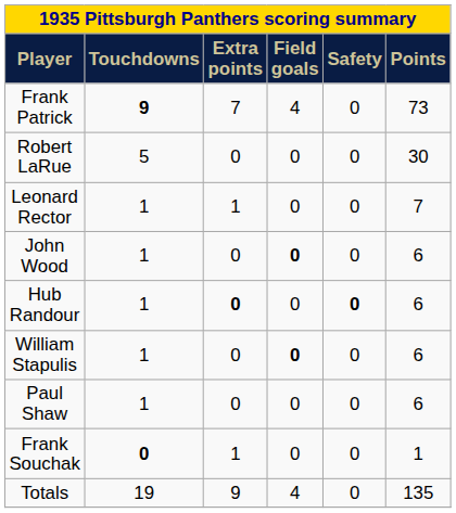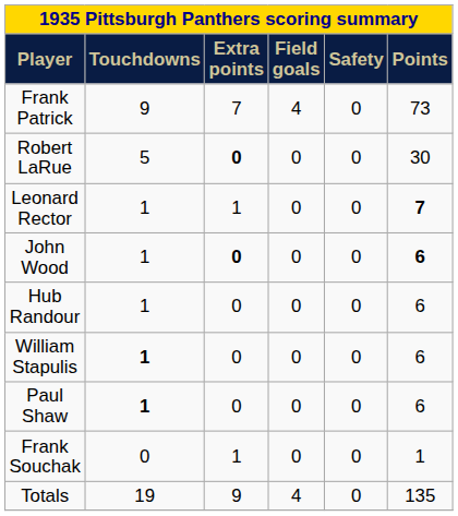 <table class="wikitable" width="35%">
 <tr>
 <th colspan="10" style="background:gold; color:darkblue; text-align: center;"><strong>1935 Pittsburgh Panthers scoring summary</strong></th>
 </tr>
 <tr align="center"  style="background:#091C44;color:#CEC499;">
 <td><strong>Player</strong></td>
 <td><strong>Touchdowns</strong></td>
 <td><strong>Extra points</strong></td>
 <td><strong>Field goals</strong></td>
 <td><strong>Safety</strong></td>
 <td><strong>Points</strong></td>
 </tr>
 <tr align="center" bgcolor="">
 <td>Frank Patrick</td>
-<td><strong>9</strong></td>
+<td>9</td>
 <td>7</td>
 <td>4</td>
 <td>0</td>
 <td>73</td>
 </tr>
 <tr align="center" bgcolor="">
 <td>Robert LaRue</td>
 <td>5</td>
-<td>0</td>
+<td><strong>0</strong></td>
 <td>0</td>
 <td>0</td>
 <td>30</td>
 </tr>
 <tr align="center" bgcolor="">
 <td>Leonard Rector</td>
 <td>1</td>
 <td>1</td>
 <td>0</td>
 <td>0</td>
-<td>7</td>
+<td><strong>7</strong></td>
 </tr>
 <tr align="center" bgcolor="">
 <td>John Wood</td>
 <td>1</td>
-<td>0</td>
 <td><strong>0</strong></td>
 <td>0</td>
-<td>6</td>
+<td>0</td>
+<td><strong>6</strong></td>
 </tr>
 <tr align="center" bgcolor="">
 <td>Hub Randour</td>
-<td>1</td>
-<td><strong>0</strong></td>
-<td>0</td>
-<td><strong>0</strong></td>
-<td>6</td>
-</tr>
-<tr align="center" bgcolor="">
-<td>William Stapulis</td>
-<td>1</td>
-<td>0</td>
-<td><strong>0</strong></td>
-<td>0</td>
-<td>6</td>
-</tr>
-<tr align="center" bgcolor="">
-<td>Paul Shaw</td>
 <td>1</td>
 <td>0</td>
 <td>0</td>
 <td>0</td>
 <td>6</td>
 </tr>
 <tr align="center" bgcolor="">
+<td>William Stapulis</td>
+<td><strong>1</strong></td>
+<td>0</td>
+<td>0</td>
+<td>0</td>
+<td>6</td>
+</tr>
+<tr align="center" bgcolor="">
+<td>Paul Shaw</td>
+<td><strong>1</strong></td>
+<td>0</td>
+<td>0</td>
+<td>0</td>
+<td>6</td>
+</tr>
+<tr align="center" bgcolor="">
 <td>Frank Souchak</td>
-<td><strong>0</strong></td>
+<td>0</td>
 <td>1</td>
 <td>0</td>
 <td>0</td>
 <td>1</td>
 </tr>
 <tr align="center" bgcolor="">
 <td>Totals</td>
 <td>19</td>
 <td>9</td>
 <td>4</td>
 <td>0</td>
 <td>135</td>
 </tr>
 <tr align="center" bgcolor="">
 </tr>
 </table>
